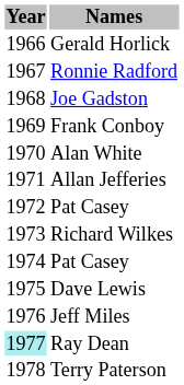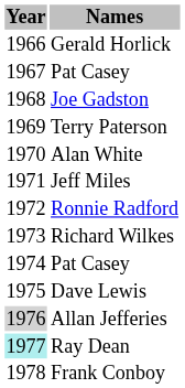 <table class="toccolours">
 <tr>
 <th bgcolor=silver>Year</th>
 <th bgcolor=silver>Names</th>
 </tr>
 <tr>
 <td>1966</td>
 <td> Gerald Horlick</td>
 </tr>
 <tr>
 <td>1967</td>
-<td> <a href='#'>Ronnie Radford</a></td>
+<td> Pat Casey</td>
 </tr>
 <tr>
 <td>1968</td>
 <td> <a href='#'>Joe Gadston</a></td>
 </tr>
 <tr>
 <td>1969</td>
-<td> Frank Conboy</td>
+<td> Terry Paterson</td>
 </tr>
 <tr>
 <td>1970</td>
 <td> Alan White</td>
 </tr>
 <tr>
 <td>1971</td>
-<td> Allan Jefferies</td>
+<td> Jeff Miles</td>
 </tr>
 <tr>
 <td>1972</td>
-<td> Pat Casey</td>
+<td> <a href='#'>Ronnie Radford</a></td>
 </tr>
 <tr>
 <td>1973</td>
 <td> Richard Wilkes</td>
 </tr>
 <tr>
 <td>1974</td>
 <td> Pat Casey</td>
 </tr>
 <tr>
 <td>1975</td>
 <td> Dave Lewis</td>
 </tr>
 <tr>
-<td>1976</td>
-<td> Jeff Miles</td>
+<td style="background: lightgrey;">1976</td>
+<td> Allan Jefferies</td>
 </tr>
 <tr>
 <td style="background: paleturquoise;">1977</td>
 <td> Ray Dean</td>
 </tr>
 <tr>
 <td>1978</td>
-<td> Terry Paterson</td>
+<td> Frank Conboy</td>
 </tr>
 <tr>
 </tr>
 </table>
